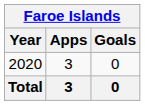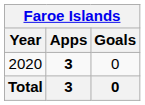 <table class="wikitable" style="text-align:center">
 <tr>
 <th colspan=3><a href='#'>Faroe Islands</a></th>
 </tr>
 <tr>
 <th>Year</th>
 <th>Apps</th>
 <th>Goals</th>
 </tr>
 <tr>
 <td>2020</td>
-<td>3</td>
+<td><strong>3</strong></td>
 <td>0</td>
 </tr>
 <tr>
 <th>Total</th>
 <th>3</th>
 <th>0</th>
 </tr>
 </table>
